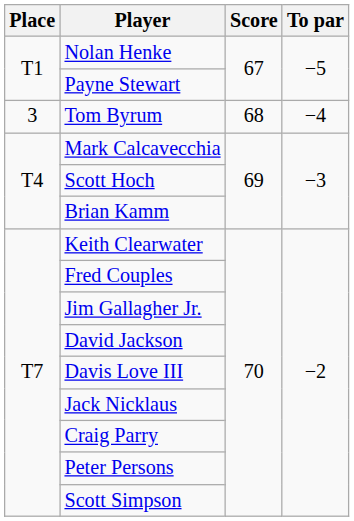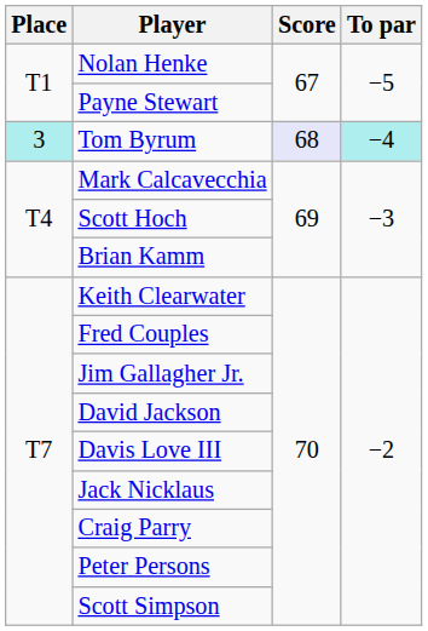 <table class="wikitable">
 <tr>
 <th>Place</th>
 <th>Player</th>
 <th>Score</th>
 <th>To par</th>
 </tr>
 <tr>
 <td rowspan="2" align=center>T1</td>
 <td> <a href='#'>Nolan Henke</a></td>
 <td rowspan="2" align=center>67</td>
 <td rowspan="2" align=center>−5</td>
 </tr>
 <tr>
 <td> <a href='#'>Payne Stewart</a></td>
 </tr>
 <tr>
-<td align=center>3</td>
+<td align=center style="background: paleturquoise;">3</td>
 <td> <a href='#'>Tom Byrum</a></td>
-<td align=center>68</td>
-<td align=center>−4</td>
+<td align=center style="background: lavender;">68</td>
+<td align=center style="background: paleturquoise;">−4</td>
 </tr>
 <tr>
 <td rowspan="3" align=center>T4</td>
 <td> <a href='#'>Mark Calcavecchia</a></td>
 <td rowspan="3" align=center>69</td>
 <td rowspan="3" align=center>−3</td>
 </tr>
 <tr>
 <td> <a href='#'>Scott Hoch</a></td>
 </tr>
 <tr>
 <td> <a href='#'>Brian Kamm</a></td>
 </tr>
 <tr>
 <td rowspan="9" align=center>T7</td>
 <td> <a href='#'>Keith Clearwater</a></td>
 <td rowspan="9" align=center>70</td>
 <td rowspan="9" align=center>−2</td>
 </tr>
 <tr>
 <td> <a href='#'>Fred Couples</a></td>
 </tr>
 <tr>
 <td> <a href='#'>Jim Gallagher Jr.</a></td>
 </tr>
 <tr>
 <td> <a href='#'>David Jackson</a></td>
 </tr>
 <tr>
 <td> <a href='#'>Davis Love III</a></td>
 </tr>
 <tr>
 <td> <a href='#'>Jack Nicklaus</a></td>
 </tr>
 <tr>
 <td> <a href='#'>Craig Parry</a></td>
 </tr>
 <tr>
 <td> <a href='#'>Peter Persons</a></td>
 </tr>
 <tr>
 <td> <a href='#'>Scott Simpson</a></td>
 </tr>
 </table>
